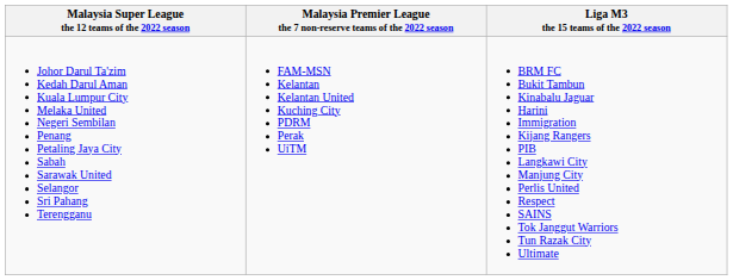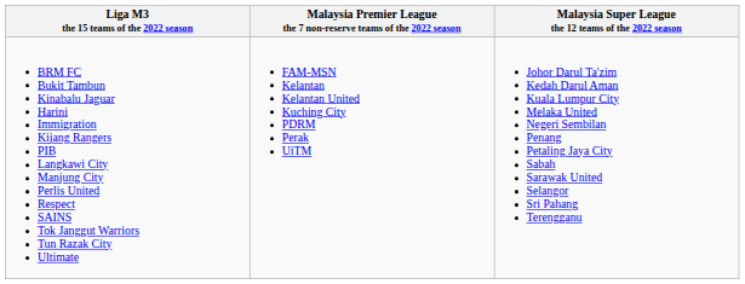 <table class="wikitable">
 <tr>
+<th style="width:25%">Liga M3<br><small>the 15 teams of the <a href='#'>2022 season</a></small></th>
+<th style="width:25%">Malaysia Premier League<br><small>the 7 non-reserve teams of the <a href='#'>2022 season</a></small></th>
 <th style="width:25%">Malaysia Super League<br><small>the 12 teams of the <a href='#'>2022 season</a></small></th>
-<th style="width:25%">Malaysia Premier League<br><small>the 7 non-reserve teams of the <a href='#'>2022 season</a></small></th>
-<th style="width:25%">Liga M3<br><small>the 15 teams of the <a href='#'>2022 season</a></small></th>
 </tr>
 <tr style="vertical-align:top">
+<td><br><ul><li><a href='#'>BRM FC</a></li><li><a href='#'>Bukit Tambun</a></li><li><a href='#'>Kinabalu Jaguar</a></li><li><a href='#'>Harini</a></li><li><a href='#'>Immigration</a></li><li><a href='#'>Kijang Rangers</a></li><li><a href='#'>PIB</a></li><li><a href='#'>Langkawi City</a></li><li><a href='#'>Manjung City</a></li><li><a href='#'>Perlis United</a></li><li><a href='#'>Respect</a></li><li><a href='#'>SAINS</a></li><li><a href='#'>Tok Janggut Warriors</a></li><li><a href='#'>Tun Razak City</a></li><li><a href='#'>Ultimate</a></li></ul></td>
+<td><br><ul><li><a href='#'>FAM-MSN</a></li><li><a href='#'>Kelantan</a></li><li><a href='#'>Kelantan United</a></li><li><a href='#'>Kuching City</a></li><li><a href='#'>PDRM</a></li><li><a href='#'>Perak</a></li><li><a href='#'>UiTM</a></li></ul></td>
 <td><br><ul><li><a href='#'>Johor Darul Ta'zim</a></li><li><a href='#'>Kedah Darul Aman</a></li><li><a href='#'>Kuala Lumpur City</a></li><li><a href='#'>Melaka United</a></li><li><a href='#'>Negeri Sembilan</a></li><li><a href='#'>Penang</a></li><li><a href='#'>Petaling Jaya City</a></li><li><a href='#'>Sabah</a></li><li><a href='#'>Sarawak United</a></li><li><a href='#'>Selangor</a></li><li><a href='#'>Sri Pahang</a></li><li><a href='#'>Terengganu</a></li></ul></td>
-<td><br><ul><li><a href='#'>FAM-MSN</a></li><li><a href='#'>Kelantan</a></li><li><a href='#'>Kelantan United</a></li><li><a href='#'>Kuching City</a></li><li><a href='#'>PDRM</a></li><li><a href='#'>Perak</a></li><li><a href='#'>UiTM</a></li></ul></td>
-<td><br><ul><li><a href='#'>BRM FC</a></li><li><a href='#'>Bukit Tambun</a></li><li><a href='#'>Kinabalu Jaguar</a></li><li><a href='#'>Harini</a></li><li><a href='#'>Immigration</a></li><li><a href='#'>Kijang Rangers</a></li><li><a href='#'>PIB</a></li><li><a href='#'>Langkawi City</a></li><li><a href='#'>Manjung City</a></li><li><a href='#'>Perlis United</a></li><li><a href='#'>Respect</a></li><li><a href='#'>SAINS</a></li><li><a href='#'>Tok Janggut Warriors</a></li><li><a href='#'>Tun Razak City</a></li><li><a href='#'>Ultimate</a></li></ul></td>
 </tr>
 </table>
